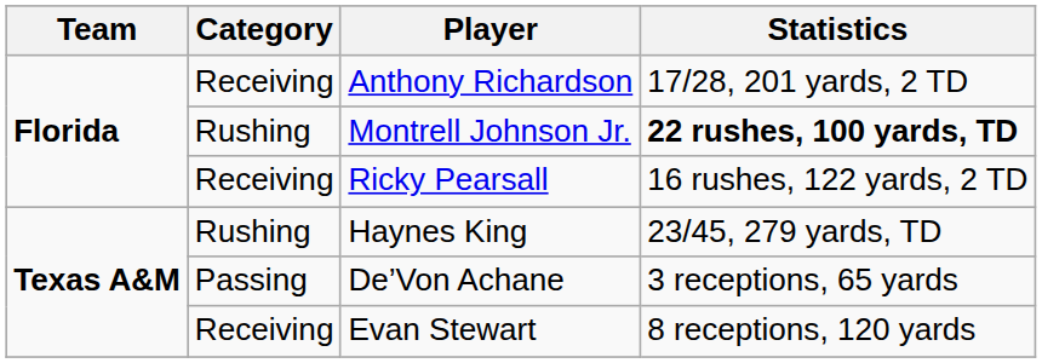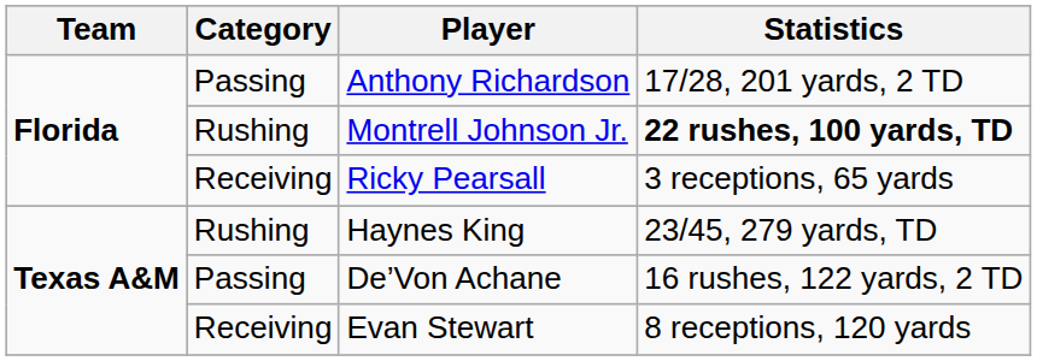 <table class="wikitable" style="float: right;">
 <tr>
 <th>Team</th>
 <th>Category</th>
 <th>Player</th>
 <th>Statistics</th>
 </tr>
 <tr>
 <td rowspan=3><strong>Florida</strong></td>
-<td>Receiving</td>
+<td>Passing</td>
 <td><a href='#'>Anthony Richardson</a></td>
 <td>17/28, 201 yards, 2 TD</td>
 </tr>
 <tr>
 <td>Rushing</td>
 <td><a href='#'>Montrell Johnson Jr.</a></td>
 <td><strong>22 rushes, 100 yards, TD</strong></td>
 </tr>
 <tr>
 <td>Receiving</td>
 <td><a href='#'>Ricky Pearsall</a></td>
-<td>16 rushes, 122 yards, 2 TD</td>
+<td>3 receptions, 65 yards</td>
 </tr>
 <tr>
 <td rowspan=3><strong>Texas A&M</strong></td>
 <td>Rushing</td>
 <td>Haynes King</td>
 <td>23/45, 279 yards, TD</td>
 </tr>
 <tr>
 <td>Passing</td>
 <td>De’Von Achane</td>
-<td>3 receptions, 65 yards</td>
+<td>16 rushes, 122 yards, 2 TD</td>
 </tr>
 <tr>
 <td>Receiving</td>
 <td>Evan Stewart</td>
 <td>8 receptions, 120 yards</td>
 </tr>
 </table>
